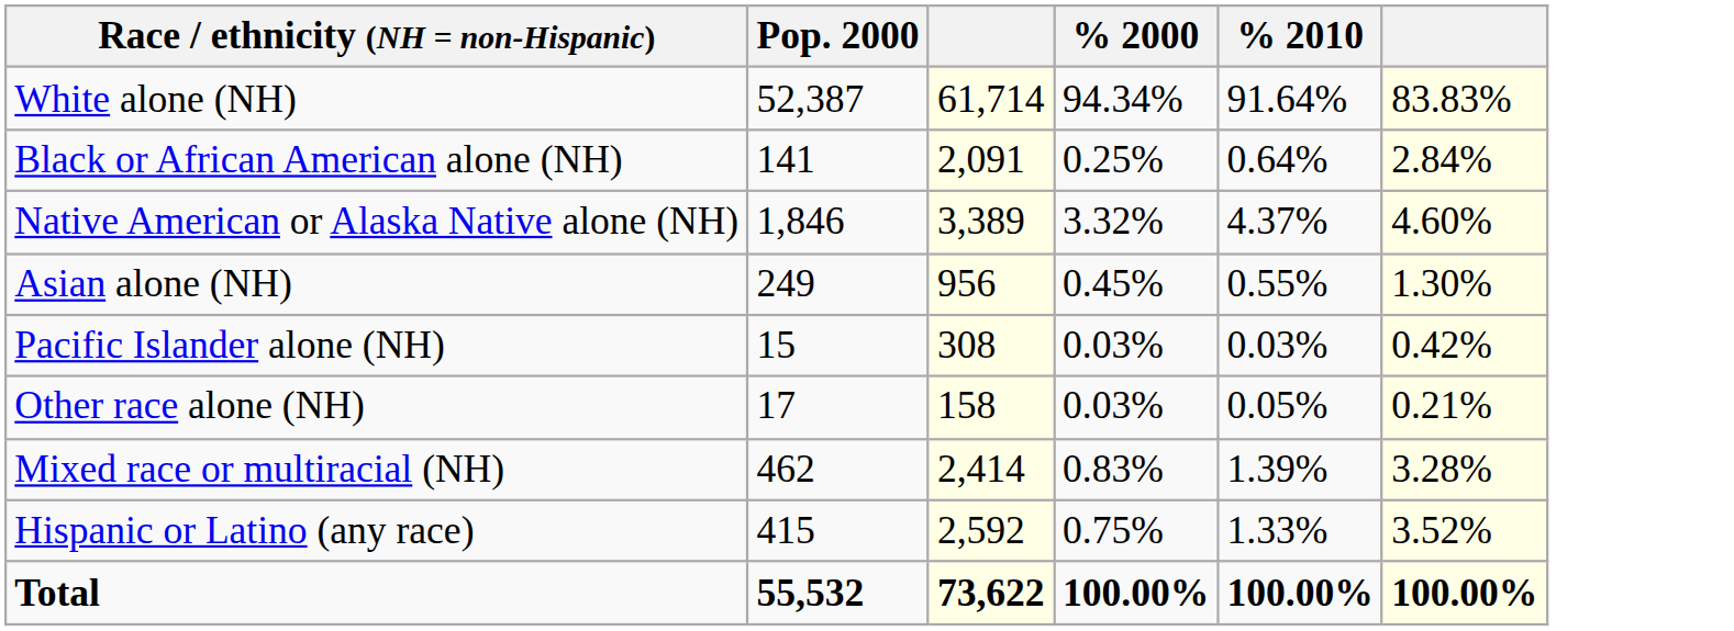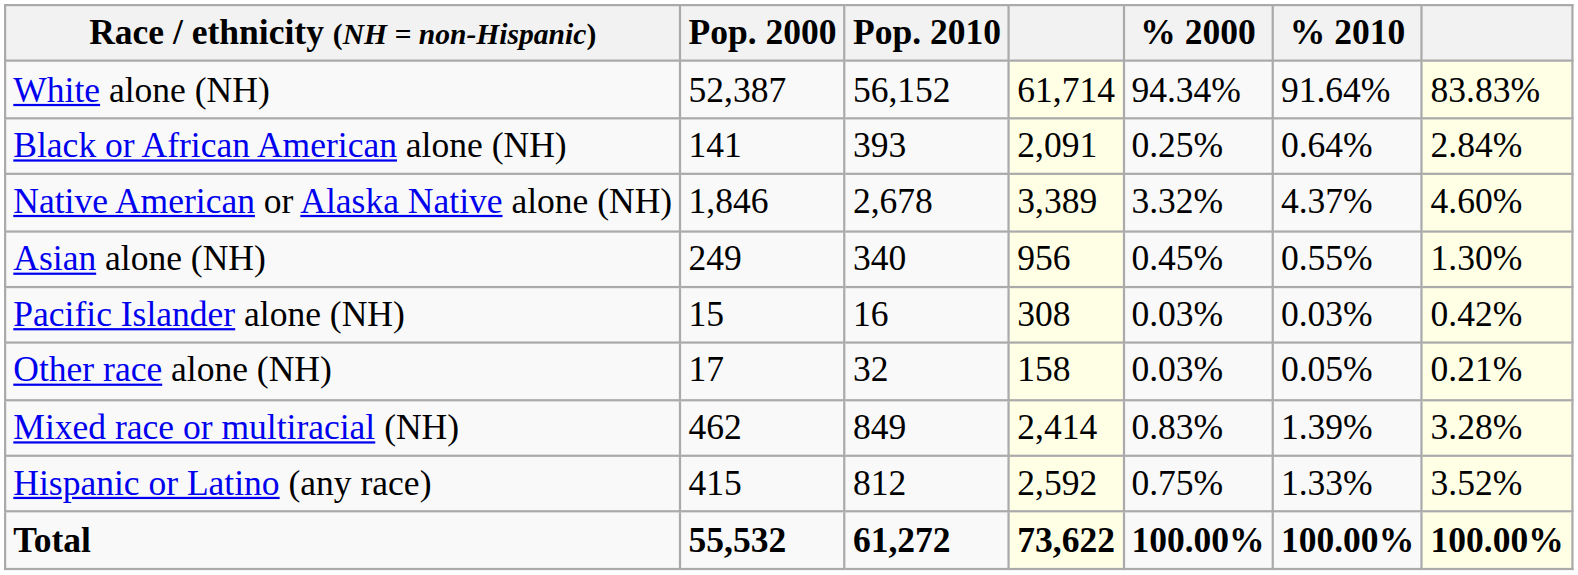 <table class="wikitable">
 <tr>
 <th>Race / ethnicity <small>(<em>NH = non-Hispanic</em>)</small></th>
 <th>Pop. 2000</th>
+<th>Pop. 2010</th>
 <th></th>
 <th>% 2000</th>
 <th>% 2010</th>
 <th></th>
 </tr>
 <tr>
 <td><a href='#'>White</a> alone (NH)</td>
 <td>52,387</td>
+<td>56,152</td>
 <td style='background: #ffffe6;'>61,714</td>
 <td>94.34%</td>
 <td>91.64%</td>
 <td style='background: #ffffe6;'>83.83%</td>
 </tr>
 <tr>
 <td><a href='#'>Black or African American</a> alone (NH)</td>
 <td>141</td>
+<td>393</td>
 <td style='background: #ffffe6;'>2,091</td>
 <td>0.25%</td>
 <td>0.64%</td>
 <td style='background: #ffffe6;'>2.84%</td>
 </tr>
 <tr>
 <td><a href='#'>Native American</a> or <a href='#'>Alaska Native</a> alone (NH)</td>
 <td>1,846</td>
+<td>2,678</td>
 <td style='background: #ffffe6;'>3,389</td>
 <td>3.32%</td>
 <td>4.37%</td>
 <td style='background: #ffffe6;'>4.60%</td>
 </tr>
 <tr>
 <td><a href='#'>Asian</a> alone (NH)</td>
 <td>249</td>
+<td>340</td>
 <td style='background: #ffffe6;'>956</td>
 <td>0.45%</td>
 <td>0.55%</td>
 <td style='background: #ffffe6;'>1.30%</td>
 </tr>
 <tr>
 <td><a href='#'>Pacific Islander</a> alone (NH)</td>
 <td>15</td>
+<td>16</td>
 <td style='background: #ffffe6;'>308</td>
 <td>0.03%</td>
 <td>0.03%</td>
 <td style='background: #ffffe6;'>0.42%</td>
 </tr>
 <tr>
 <td><a href='#'>Other race</a> alone (NH)</td>
 <td>17</td>
+<td>32</td>
 <td style='background: #ffffe6;'>158</td>
 <td>0.03%</td>
 <td>0.05%</td>
 <td style='background: #ffffe6;'>0.21%</td>
 </tr>
 <tr>
 <td><a href='#'>Mixed race or multiracial</a> (NH)</td>
 <td>462</td>
+<td>849</td>
 <td style='background: #ffffe6;'>2,414</td>
 <td>0.83%</td>
 <td>1.39%</td>
 <td style='background: #ffffe6;'>3.28%</td>
 </tr>
 <tr>
 <td><a href='#'>Hispanic or Latino</a> (any race)</td>
 <td>415</td>
+<td>812</td>
 <td style='background: #ffffe6;'>2,592</td>
 <td>0.75%</td>
 <td>1.33%</td>
 <td style='background: #ffffe6;'>3.52%</td>
 </tr>
 <tr>
 <td><strong>Total</strong></td>
 <td><strong>55,532</strong></td>
+<td><strong>61,272</strong></td>
 <td style='background: #ffffe6;'><strong>73,622</strong></td>
 <td><strong>100.00%</strong></td>
 <td><strong>100.00%</strong></td>
 <td style='background: #ffffe6;'><strong>100.00%</strong></td>
 </tr>
 </table>
